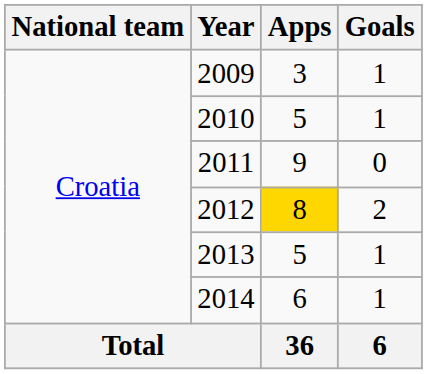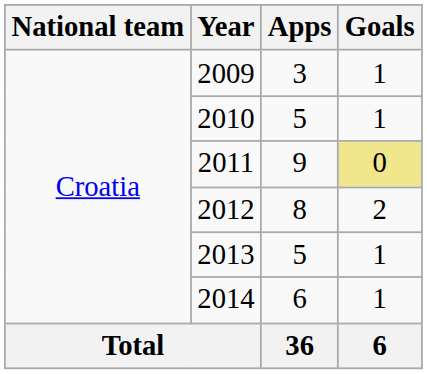 <table class="wikitable" style="text-align:center">
 <tr>
 <th>National team</th>
 <th>Year</th>
 <th>Apps</th>
 <th>Goals</th>
 </tr>
 <tr>
 <td rowspan="6"><a href='#'>Croatia</a></td>
 <td>2009</td>
 <td>3</td>
 <td>1</td>
 </tr>
 <tr>
 <td>2010</td>
 <td>5</td>
 <td>1</td>
 </tr>
 <tr>
 <td>2011</td>
 <td>9</td>
-<td>0</td>
+<td style="background: khaki;">0</td>
 </tr>
 <tr>
 <td>2012</td>
-<td style="background: gold;">8</td>
+<td>8</td>
 <td>2</td>
 </tr>
 <tr>
 <td>2013</td>
 <td>5</td>
 <td>1</td>
 </tr>
 <tr>
 <td>2014</td>
 <td>6</td>
 <td>1</td>
 </tr>
 <tr>
 <th colspan="2">Total</th>
 <th>36</th>
 <th>6</th>
 </tr>
 </table>
